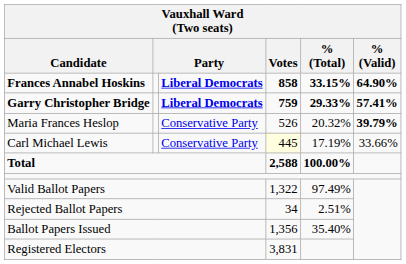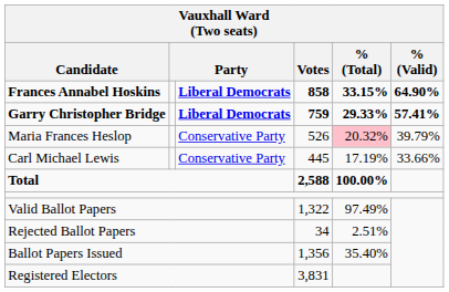 <table class="wikitable" border="1" style="text-align:right; font-size:100%">
 <tr>
 <th align=center colspan=6>Vauxhall Ward<br>(Two seats)</th>
 </tr>
 <tr>
 <th valign=bottom>Candidate</th>
 <th valign=bottom colspan=2>Party</th>
 <th valign=bottom>Votes</th>
 <th>%<br>(Total)</th>
 <th>%<br>(Valid)</th>
 </tr>
 <tr>
 <td align=left><strong>Frances Annabel Hoskins</strong></td>
 <td style="background:"></td>
 <td align=left><strong><a href='#'>Liberal Democrats</a></strong></td>
 <td><strong>858</strong></td>
 <td><strong>33.15%</strong></td>
 <td><strong>64.90%</strong></td>
 </tr>
 <tr>
 <td align=left><strong>Garry Christopher Bridge</strong></td>
 <td style="background:"></td>
 <td align=left><strong><a href='#'>Liberal Democrats</a></strong></td>
 <td><strong>759</strong></td>
 <td><strong>29.33%</strong></td>
 <td><strong>57.41%</strong></td>
 </tr>
 <tr>
 <td align=left>Maria Frances Heslop</td>
 <td style="background:"></td>
 <td align=left><a href='#'>Conservative Party</a></td>
 <td>526</td>
-<td>20.32%</td>
-<td><strong>39.79%</strong></td>
+<td style="background: pink;">20.32%</td>
+<td>39.79%</td>
 </tr>
 <tr>
 <td align=left>Carl Michael Lewis</td>
 <td style="background:"></td>
 <td align=left><a href='#'>Conservative Party</a></td>
-<td style="background: lightyellow;">445</td>
+<td>445</td>
 <td>17.19%</td>
 <td>33.66%</td>
 </tr>
 <tr style="font-weight:bold">
 <td align=left colspan=3>Total</td>
 <td>2,588</td>
 <td>100.00%</td>
 <td></td>
 </tr>
 <tr>
 <td align=left colspan=6></td>
 </tr>
 <tr>
 <td align=left colspan=3>Valid Ballot Papers</td>
 <td>1,322</td>
 <td>97.49%</td>
 <td rowspan=4></td>
 </tr>
 <tr>
 <td align=left colspan=3>Rejected Ballot Papers</td>
 <td>34</td>
 <td>2.51%</td>
 </tr>
 <tr>
 <td align=left colspan=3>Ballot Papers Issued</td>
 <td>1,356</td>
 <td>35.40%</td>
 </tr>
 <tr>
 <td align=left colspan=3>Registered Electors</td>
 <td>3,831</td>
 <td></td>
 </tr>
 </table>
